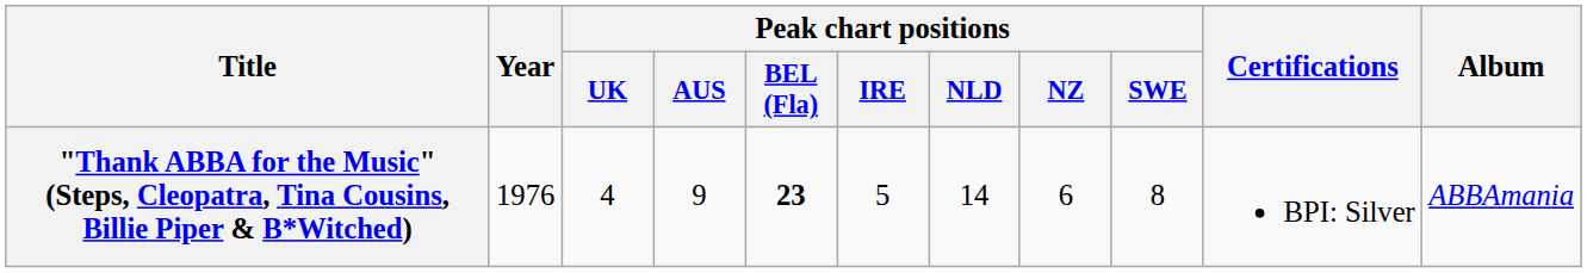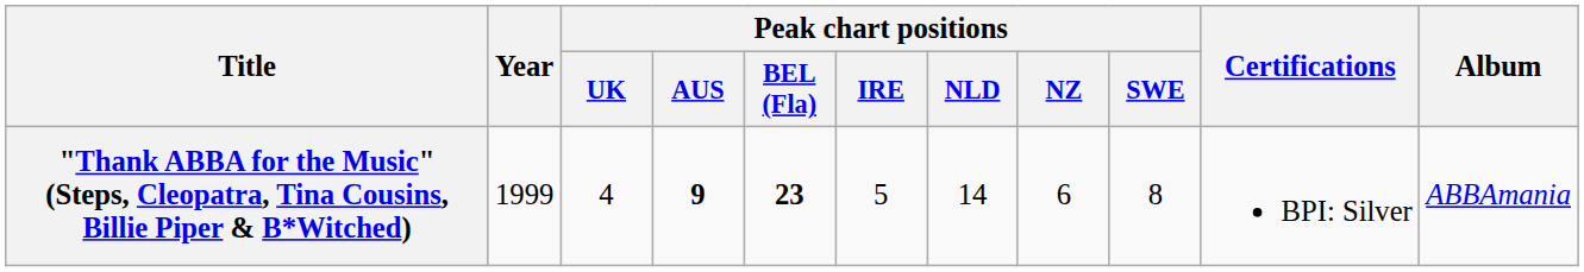 <table class="wikitable plainrowheaders" style="text-align:center;" border="1">
 <tr>
 <th scope="col" rowspan="2" style="width:16em;">Title</th>
 <th scope="col" rowspan="2" style="width:2em;">Year</th>
 <th scope="col" colspan="7">Peak chart positions</th>
 <th scope="col" rowspan="2"><a href='#'>Certifications</a></th>
 <th scope="col" rowspan="2">Album</th>
 </tr>
 <tr>
 <th scope="col" style="width:3em;font-size:90%;"><a href='#'>UK</a><br></th>
 <th scope="col" style="width:3em;font-size:90%;"><a href='#'>AUS</a><br></th>
 <th scope="col" style="width:3em;font-size:90%;"><a href='#'>BEL (Fla)</a><br></th>
 <th scope="col" style="width:3em;font-size:90%;"><a href='#'>IRE</a><br></th>
 <th scope="col" style="width:3em;font-size:90%;"><a href='#'>NLD</a><br></th>
 <th scope="col" style="width:3em;font-size:90%;"><a href='#'>NZ</a><br></th>
 <th scope="col" style="width:3em;font-size:90%;"><a href='#'>SWE</a><br></th>
 </tr>
 <tr>
 <th scope="row">"<a href='#'>Thank ABBA for the Music</a>"<br><span>(Steps, <a href='#'>Cleopatra</a>, <a href='#'>Tina Cousins</a>, <a href='#'>Billie Piper</a> & <a href='#'>B*Witched</a>)</span></th>
-<td>1976</td>
+<td>1999</td>
 <td>4</td>
-<td>9</td>
+<td><strong>9</strong></td>
 <td><strong>23</strong></td>
 <td>5</td>
 <td>14</td>
 <td>6</td>
 <td>8</td>
 <td><br><ul><li>BPI: Silver</li></ul></td>
 <td><em><a href='#'>ABBAmania</a></em></td>
 </tr>
 </table>
